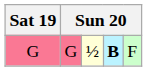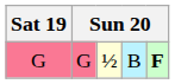 <table class="wikitable" style="margin:0.5em auto; font-size:90%; line-height:1.25em; text-align:center">
 <tr>
 <th>Sat 19</th>
 <th colspan="4">Sun 20</th>
 </tr>
 <tr>
 <td bgcolor="#FA7894">G</td>
 <td bgcolor="#FA7894">G</td>
 <td bgcolor="#FFFFD7">½</td>
-<td bgcolor="#BBF3FF"><strong>B</strong></td>
-<td bgcolor="#ccffcc">F</td>
+<td bgcolor="#BBF3FF">B</td>
+<td bgcolor="#ccffcc"><strong>F</strong></td>
 </tr>
 </table>
